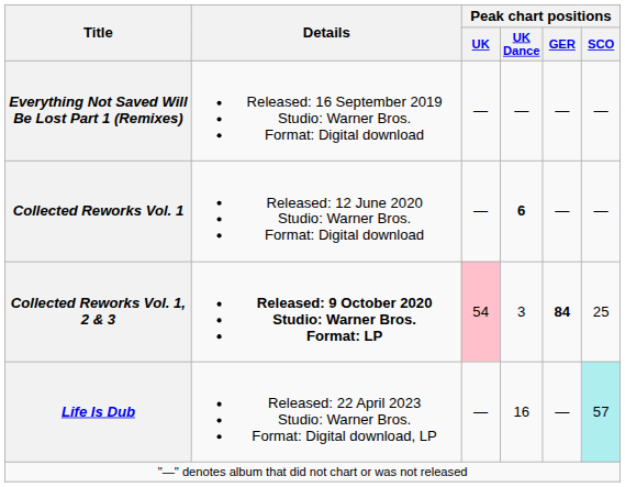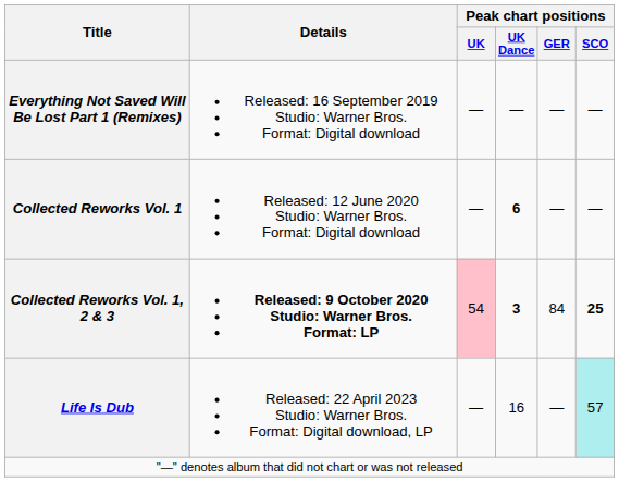 <table class="wikitable plainrowheaders" style="text-align:center;">
 <tr>
 <th scope="col" rowspan="2" style="width:12.5em;">Title</th>
 <th scope="col" rowspan="2" style="width:18.25em;">Details</th>
 <th scope="col" colspan="4">Peak chart positions</th>
 </tr>
 <tr>
 <th scope="col" style="width:2.7em;font-size:85%;"><a href='#'>UK</a><br></th>
 <th scope="col" style="width:2.7em;font-size:85%;"><a href='#'>UK<br>Dance</a><br></th>
 <th scope="col" style="width:2.7em;font-size:85%;"><a href='#'>GER</a><br></th>
 <th scope="col" style="width:2.7em;font-size:85%;"><a href='#'>SCO</a><br></th>
 </tr>
 <tr>
 <th scope="row"><em>Everything Not Saved Will Be Lost Part 1 (Remixes)</em></th>
 <td><br><ul><li>Released: 16 September 2019</li><li>Studio: Warner Bros.</li><li>Format: Digital download</li></ul></td>
 <td>—</td>
 <td>—</td>
 <td>—</td>
 <td>—</td>
 </tr>
 <tr>
 <th scope="row"><em>Collected Reworks Vol. 1</em></th>
 <td><br><ul><li>Released: 12 June 2020</li><li>Studio: Warner Bros.</li><li>Format: Digital download</li></ul></td>
 <td>—</td>
 <td><strong>6</strong></td>
 <td>—</td>
 <td>—</td>
 </tr>
 <tr>
 <th scope="row"><em>Collected Reworks Vol. 1, 2 & 3</em></th>
 <td><strong><br><ul><li>Released: 9 October 2020</li><li>Studio: Warner Bros.</li><li>Format: LP</li></ul></strong></td>
 <td style="background: pink;">54</td>
-<td>3</td>
-<td><strong>84</strong></td>
-<td>25</td>
+<td><strong>3</strong></td>
+<td>84</td>
+<td><strong>25</strong></td>
 </tr>
 <tr>
 <th scope="row"><em><a href='#'>Life Is Dub</a></em></th>
 <td><br><ul><li>Released: 22 April 2023</li><li>Studio: Warner Bros.</li><li>Format: Digital download, LP</li></ul></td>
 <td>—</td>
 <td>16</td>
 <td>—</td>
 <td style="background: paleturquoise;">57</td>
 </tr>
 <tr>
 <td colspan="14" style="font-size:85%;">"—" denotes album that did not chart or was not released</td>
 </tr>
 </table>
